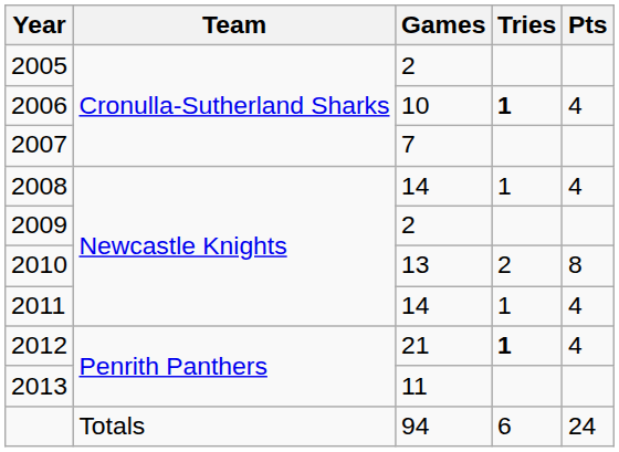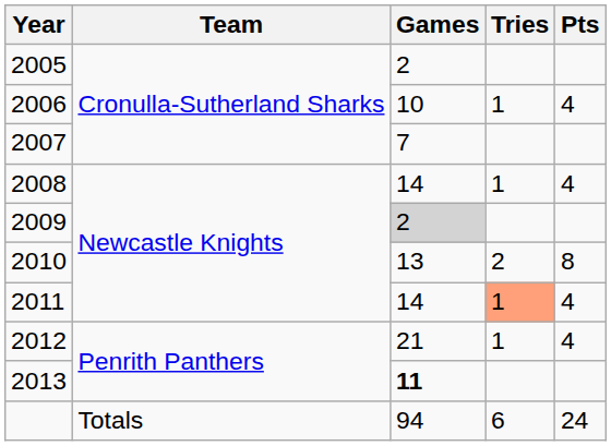 <table class="wikitable">
 <tr>
 <th>Year</th>
 <th>Team</th>
 <th>Games</th>
 <th>Tries</th>
 <th>Pts</th>
 </tr>
 <tr>
 <td>2005</td>
 <td rowspan="3"> <a href='#'>Cronulla-Sutherland Sharks</a></td>
 <td>2</td>
 <td></td>
 <td></td>
 </tr>
 <tr>
 <td>2006</td>
 <td>10</td>
-<td><strong>1</strong></td>
+<td>1</td>
 <td>4</td>
 </tr>
 <tr>
 <td>2007</td>
 <td>7</td>
 <td></td>
 <td></td>
 </tr>
 <tr>
 <td>2008</td>
 <td rowspan="4"> <a href='#'>Newcastle Knights</a></td>
 <td>14</td>
 <td>1</td>
 <td>4</td>
 </tr>
 <tr>
 <td>2009</td>
-<td>2</td>
+<td style="background: lightgrey;">2</td>
 <td></td>
 <td></td>
 </tr>
 <tr>
 <td>2010</td>
 <td>13</td>
 <td>2</td>
 <td>8</td>
 </tr>
 <tr>
 <td>2011</td>
 <td>14</td>
-<td>1</td>
+<td style="background: lightsalmon;">1</td>
 <td>4</td>
 </tr>
 <tr>
 <td>2012</td>
 <td rowspan="2"> <a href='#'>Penrith Panthers</a></td>
 <td>21</td>
-<td><strong>1</strong></td>
+<td>1</td>
 <td>4</td>
 </tr>
 <tr>
 <td>2013</td>
-<td>11</td>
+<td><strong>11</strong></td>
 <td></td>
 <td></td>
 </tr>
 <tr>
 <td></td>
 <td>Totals</td>
 <td>94</td>
 <td>6</td>
 <td>24</td>
 </tr>
 </table>
